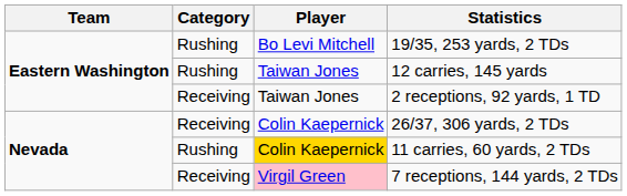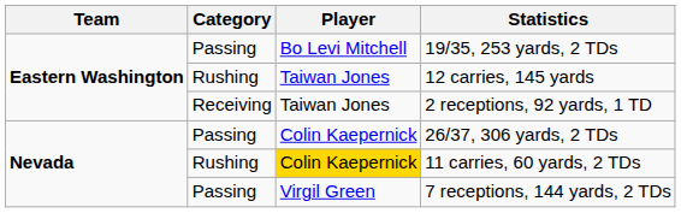 <table class="wikitable" style="float: left;">
 <tr>
 <th>Team</th>
 <th>Category</th>
 <th>Player</th>
 <th>Statistics</th>
 </tr>
 <tr>
 <td rowspan=3><strong>Eastern Washington</strong></td>
-<td>Rushing</td>
+<td>Passing</td>
 <td><a href='#'>Bo Levi Mitchell</a></td>
 <td>19/35, 253 yards, 2 TDs</td>
 </tr>
 <tr>
 <td>Rushing</td>
 <td><a href='#'>Taiwan Jones</a></td>
 <td>12 carries, 145 yards</td>
 </tr>
 <tr>
 <td>Receiving</td>
 <td>Taiwan Jones</td>
 <td>2 receptions, 92 yards, 1 TD</td>
 </tr>
 <tr>
 <td rowspan=3><strong>Nevada</strong></td>
-<td>Receiving</td>
+<td>Passing</td>
 <td><a href='#'>Colin Kaepernick</a></td>
 <td>26/37, 306 yards, 2 TDs</td>
 </tr>
 <tr>
 <td>Rushing</td>
 <td style="background: gold;">Colin Kaepernick</td>
 <td>11 carries, 60 yards, 2 TDs</td>
 </tr>
 <tr>
-<td>Receiving</td>
-<td style="background: pink;"><a href='#'>Virgil Green</a></td>
+<td>Passing</td>
+<td><a href='#'>Virgil Green</a></td>
 <td>7 receptions, 144 yards, 2 TDs</td>
 </tr>
 </table>
